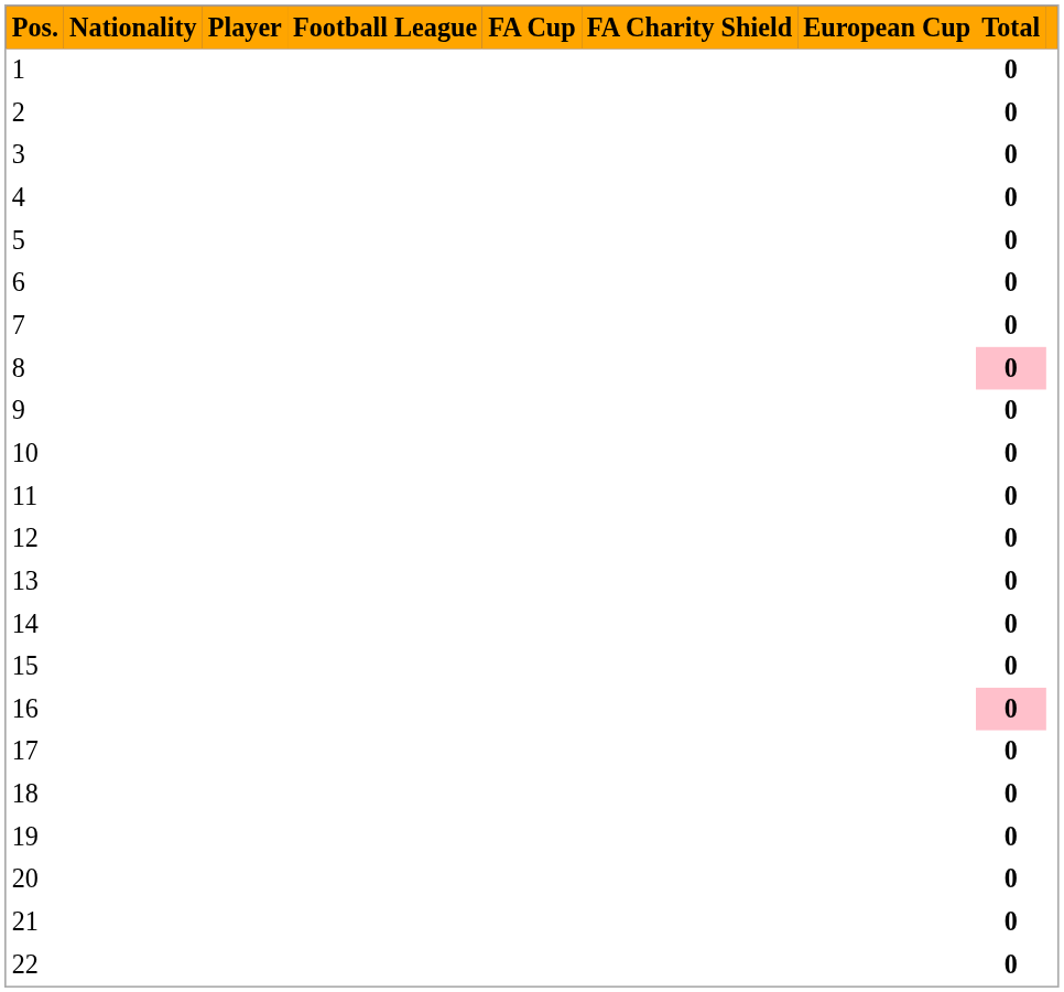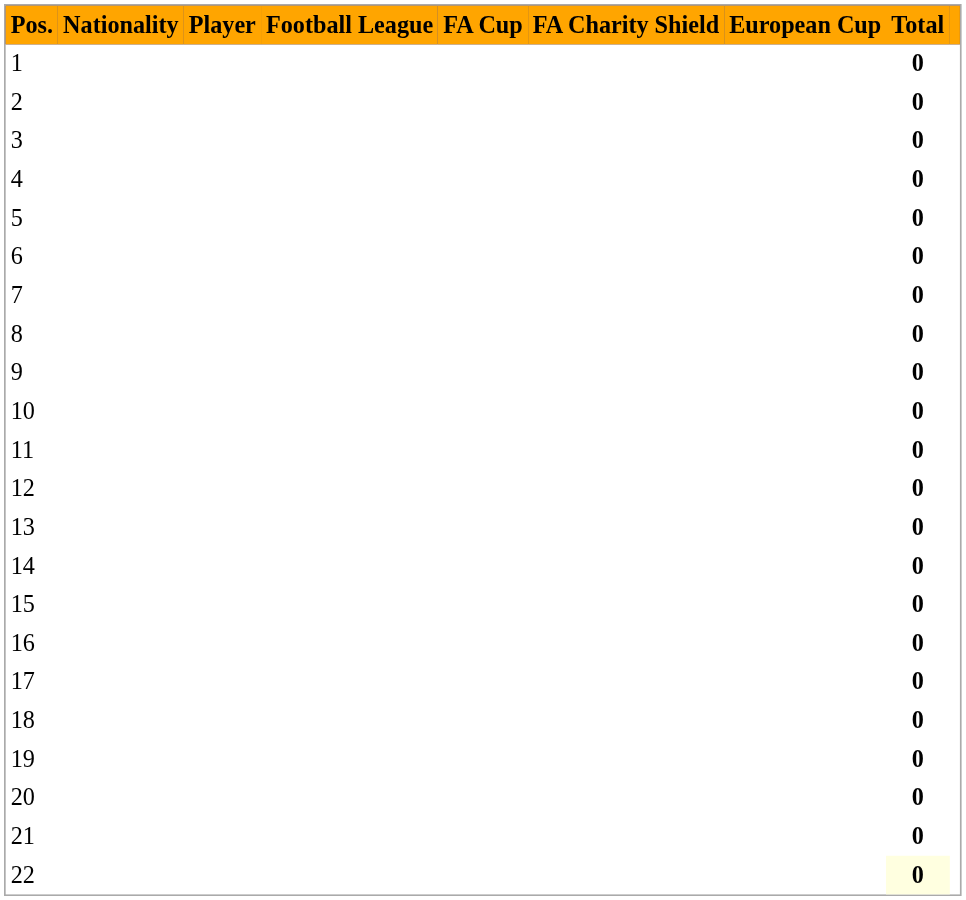 <table cellspacing="0" cellpadding="3" style="border:1px solid #AAAAAA;font-size:90%">
 <tr bgcolor="#191970">
 <th style=background:orange; align="center"><span>Pos.</span></th>
 <th style=background:orange; align="center"><span>Nationality</span></th>
 <th style=background:orange; align="center"><span>Player</span></th>
 <th style=background:orange; align="center"><span>Football League</span></th>
 <th style=background:orange; align="center"><span>FA Cup</span></th>
 <th style=background:orange; align="center"><span>FA Charity Shield</span></th>
 <th style=background:orange; align="center"><span>European Cup</span></th>
 <th style=background:orange; align="center"><span>Total</span></th>
 <th style=background:orange; align="center"><span></span></th>
 </tr>
 <tr>
 <td>1</td>
 <td></td>
 <td></td>
 <td align="center"></td>
 <td align="center"></td>
 <td align="center"></td>
 <td align="center"></td>
 <td align="center"><strong>0</strong></td>
 <td align="center"></td>
 </tr>
 <tr>
 <td>2</td>
 <td></td>
 <td></td>
 <td align="center"></td>
 <td align="center"></td>
 <td align="center"></td>
 <td align="center"></td>
 <td align="center"><strong>0</strong></td>
 <td align="center"></td>
 </tr>
 <tr>
 <td>3</td>
 <td></td>
 <td></td>
 <td align="center"></td>
 <td align="center"></td>
 <td align="center"></td>
 <td align="center"></td>
 <td align="center"><strong>0</strong></td>
 <td align="center"></td>
 </tr>
 <tr>
 <td>4</td>
 <td></td>
 <td></td>
 <td align="center"></td>
 <td align="center"></td>
 <td align="center"></td>
 <td align="center"></td>
 <td align="center"><strong>0</strong></td>
 <td align="center"></td>
 </tr>
 <tr>
 <td>5</td>
 <td></td>
 <td></td>
 <td align="center"></td>
 <td align="center"></td>
 <td align="center"></td>
 <td align="center"></td>
 <td align="center"><strong>0</strong></td>
 <td align="center"></td>
 </tr>
 <tr>
 <td>6</td>
 <td></td>
 <td></td>
 <td align="center"></td>
 <td align="center"></td>
 <td align="center"></td>
 <td align="center"></td>
 <td align="center"><strong>0</strong></td>
 <td align="center"></td>
 </tr>
 <tr>
 <td>7</td>
 <td></td>
 <td></td>
 <td align="center"></td>
 <td align="center"></td>
 <td align="center"></td>
 <td align="center"></td>
 <td align="center"><strong>0</strong></td>
 <td align="center"></td>
 </tr>
 <tr>
 <td>8</td>
 <td></td>
 <td></td>
 <td align="center"></td>
 <td align="center"></td>
 <td align="center"></td>
 <td align="center"></td>
-<td align="center" style="background: pink;"><strong>0</strong></td>
+<td align="center"><strong>0</strong></td>
 <td align="center"></td>
 </tr>
 <tr>
 <td>9</td>
 <td></td>
 <td></td>
 <td align="center"></td>
 <td align="center"></td>
 <td align="center"></td>
 <td align="center"></td>
 <td align="center"><strong>0</strong></td>
 <td align="center"></td>
 </tr>
 <tr>
 <td>10</td>
 <td></td>
 <td></td>
 <td align="center"></td>
 <td align="center"></td>
 <td align="center"></td>
 <td align="center"></td>
 <td align="center"><strong>0</strong></td>
 <td align="center"></td>
 </tr>
 <tr>
 <td>11</td>
 <td></td>
 <td></td>
 <td align="center"></td>
 <td align="center"></td>
 <td align="center"></td>
 <td align="center"></td>
 <td align="center"><strong>0</strong></td>
 <td align="center"></td>
 </tr>
 <tr>
 <td>12</td>
 <td></td>
 <td></td>
 <td align="center"></td>
 <td align="center"></td>
 <td align="center"></td>
 <td align="center"></td>
 <td align="center"><strong>0</strong></td>
 <td align="center"></td>
 </tr>
 <tr>
 <td>13</td>
 <td></td>
 <td></td>
 <td align="center"></td>
 <td align="center"></td>
 <td align="center"></td>
 <td align="center"></td>
 <td align="center"><strong>0</strong></td>
 <td align="center"></td>
 </tr>
 <tr>
 <td>14</td>
 <td></td>
 <td></td>
 <td align="center"></td>
 <td align="center"></td>
 <td align="center"></td>
 <td align="center"></td>
 <td align="center"><strong>0</strong></td>
 <td align="center"></td>
 </tr>
 <tr>
 <td>15</td>
 <td></td>
 <td></td>
 <td align="center"></td>
 <td align="center"></td>
 <td align="center"></td>
 <td align="center"></td>
 <td align="center"><strong>0</strong></td>
 <td align="center"></td>
 </tr>
 <tr>
 <td>16</td>
 <td></td>
 <td></td>
 <td align="center"></td>
 <td align="center"></td>
 <td align="center"></td>
 <td align="center"></td>
-<td align="center" style="background: pink;"><strong>0</strong></td>
+<td align="center"><strong>0</strong></td>
 <td align="center"></td>
 </tr>
 <tr>
 <td>17</td>
 <td></td>
 <td></td>
 <td align="center"></td>
 <td align="center"></td>
 <td align="center"></td>
 <td align="center"></td>
 <td align="center"><strong>0</strong></td>
 <td align="center"></td>
 </tr>
 <tr>
 <td>18</td>
 <td></td>
 <td></td>
 <td align="center"></td>
 <td align="center"></td>
 <td align="center"></td>
 <td align="center"></td>
 <td align="center"><strong>0</strong></td>
 <td align="center"></td>
 </tr>
 <tr>
 <td>19</td>
 <td></td>
 <td></td>
 <td align="center"></td>
 <td align="center"></td>
 <td align="center"></td>
 <td align="center"></td>
 <td align="center"><strong>0</strong></td>
 <td align="center"></td>
 </tr>
 <tr>
 <td>20</td>
 <td></td>
 <td></td>
 <td align="center"></td>
 <td align="center"></td>
 <td align="center"></td>
 <td align="center"></td>
 <td align="center"><strong>0</strong></td>
 <td align="center"></td>
 </tr>
 <tr>
 <td>21</td>
 <td></td>
 <td></td>
 <td align="center"></td>
 <td align="center"></td>
 <td align="center"></td>
 <td align="center"></td>
 <td align="center"><strong>0</strong></td>
 <td align="center"></td>
 </tr>
 <tr>
 <td>22</td>
 <td></td>
 <td></td>
 <td align="center"></td>
 <td align="center"></td>
 <td align="center"></td>
 <td align="center"></td>
-<td align="center"><strong>0</strong></td>
+<td align="center" style="background: lightyellow;"><strong>0</strong></td>
 <td align="center"></td>
 </tr>
 <tr>
 </tr>
 </table>
